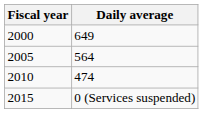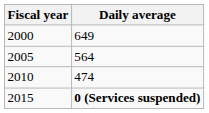 <table class="wikitable">
 <tr>
 <th>Fiscal year</th>
 <th>Daily average</th>
 </tr>
 <tr>
 <td>2000</td>
 <td>649</td>
 </tr>
 <tr>
 <td>2005</td>
 <td>564</td>
 </tr>
 <tr>
 <td>2010</td>
 <td>474</td>
 </tr>
 <tr>
 <td>2015</td>
-<td>0 (Services suspended)</td>
+<td><strong>0 (Services suspended)</strong></td>
 </tr>
 </table>
